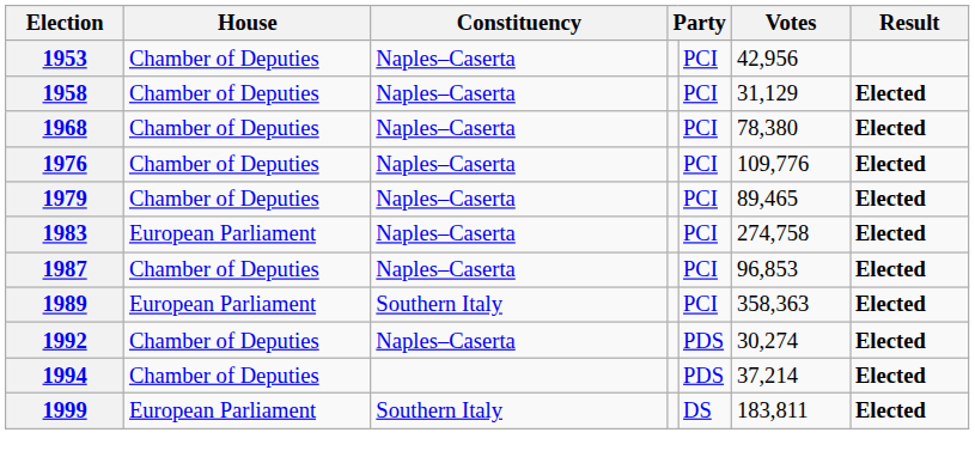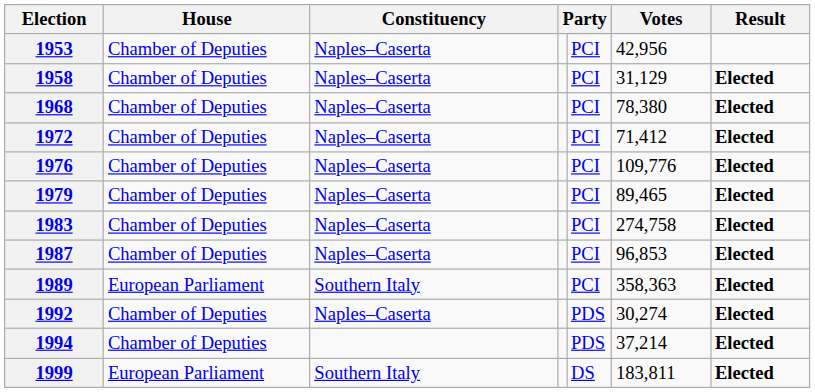 <table class=wikitable style="width:55%; border:1px #AAAAFF solid">
 <tr>
 <th width=12%>Election</th>
 <th width=25%>House</th>
 <th width=30%>Constituency</th>
 <th width=5% colspan="2">Party</th>
 <th width=12%>Votes</th>
 <th width=12%>Result</th>
 </tr>
 <tr>
 <th><a href='#'>1953</a></th>
 <td><a href='#'>Chamber of Deputies</a></td>
 <td><a href='#'>Naples–Caserta</a></td>
 <td></td>
 <td><a href='#'>PCI</a></td>
 <td>42,956</td>
 <td></td>
 </tr>
 <tr>
 <th><a href='#'>1958</a></th>
 <td><a href='#'>Chamber of Deputies</a></td>
 <td><a href='#'>Naples–Caserta</a></td>
 <td></td>
 <td><a href='#'>PCI</a></td>
 <td>31,129</td>
 <td> <strong>Elected</strong></td>
 </tr>
 <tr>
 <th><a href='#'>1968</a></th>
 <td><a href='#'>Chamber of Deputies</a></td>
 <td><a href='#'>Naples–Caserta</a></td>
 <td></td>
 <td><a href='#'>PCI</a></td>
 <td>78,380</td>
 <td> <strong>Elected</strong></td>
 </tr>
 <tr>
+<th><a href='#'>1972</a></th>
+<td><a href='#'>Chamber of Deputies</a></td>
+<td><a href='#'>Naples–Caserta</a></td>
+<td></td>
+<td><a href='#'>PCI</a></td>
+<td>71,412</td>
+<td> <strong>Elected</strong></td>
+</tr>
+<tr>
 <th><a href='#'>1976</a></th>
 <td><a href='#'>Chamber of Deputies</a></td>
 <td><a href='#'>Naples–Caserta</a></td>
 <td></td>
 <td><a href='#'>PCI</a></td>
 <td>109,776</td>
 <td> <strong>Elected</strong></td>
 </tr>
 <tr>
 <th><a href='#'>1979</a></th>
 <td><a href='#'>Chamber of Deputies</a></td>
 <td><a href='#'>Naples–Caserta</a></td>
 <td></td>
 <td><a href='#'>PCI</a></td>
 <td>89,465</td>
 <td> <strong>Elected</strong></td>
 </tr>
 <tr>
 <th><a href='#'>1983</a></th>
-<td><a href='#'>European Parliament</a></td>
+<td><a href='#'>Chamber of Deputies</a></td>
 <td><a href='#'>Naples–Caserta</a></td>
 <td></td>
 <td><a href='#'>PCI</a></td>
 <td>274,758</td>
 <td> <strong>Elected</strong></td>
 </tr>
 <tr>
 <th><a href='#'>1987</a></th>
 <td><a href='#'>Chamber of Deputies</a></td>
 <td><a href='#'>Naples–Caserta</a></td>
 <td></td>
 <td><a href='#'>PCI</a></td>
 <td>96,853</td>
 <td> <strong>Elected</strong></td>
 </tr>
 <tr>
 <th><a href='#'>1989</a></th>
 <td><a href='#'>European Parliament</a></td>
 <td><a href='#'>Southern Italy</a></td>
 <td></td>
 <td><a href='#'>PCI</a></td>
 <td>358,363</td>
 <td> <strong>Elected</strong></td>
 </tr>
 <tr>
 <th><a href='#'>1992</a></th>
 <td><a href='#'>Chamber of Deputies</a></td>
 <td><a href='#'>Naples–Caserta</a></td>
 <td></td>
 <td><a href='#'>PDS</a></td>
 <td>30,274</td>
 <td> <strong>Elected</strong></td>
 </tr>
 <tr>
 <th><a href='#'>1994</a></th>
 <td><a href='#'>Chamber of Deputies</a></td>
 <td></td>
 <td></td>
 <td><a href='#'>PDS</a></td>
 <td>37,214</td>
 <td> <strong>Elected</strong></td>
 </tr>
 <tr>
 <th><a href='#'>1999</a></th>
 <td><a href='#'>European Parliament</a></td>
 <td><a href='#'>Southern Italy</a></td>
 <td></td>
 <td><a href='#'>DS</a></td>
 <td>183,811</td>
 <td> <strong>Elected</strong></td>
 </tr>
 </table>
